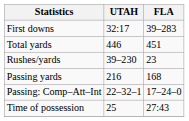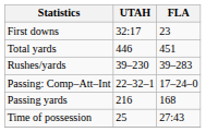 <table class="wikitable" style="float: left;">
 <tr>
 <th>Statistics</th>
 <th>UTAH</th>
 <th>FLA</th>
 </tr>
 <tr>
 <td>First downs</td>
 <td>32:17</td>
-<td>39–283</td>
+<td>23</td>
 </tr>
 <tr>
 <td>Total yards</td>
 <td>446</td>
 <td>451</td>
 </tr>
 <tr>
 <td>Rushes/yards</td>
 <td>39–230</td>
-<td>23</td>
+<td>39–283</td>
+</tr>
+<tr>
+<td>Passing: Comp–Att–Int</td>
+<td>22–32–1</td>
+<td>17–24–0</td>
 </tr>
 <tr>
 <td>Passing yards</td>
 <td>216</td>
 <td>168</td>
-</tr>
-<tr>
-<td>Passing: Comp–Att–Int</td>
-<td>22–32–1</td>
-<td>17–24–0</td>
 </tr>
 <tr>
 <td>Time of possession</td>
 <td>25</td>
 <td>27:43</td>
 </tr>
 <tr>
 </tr>
 </table>
